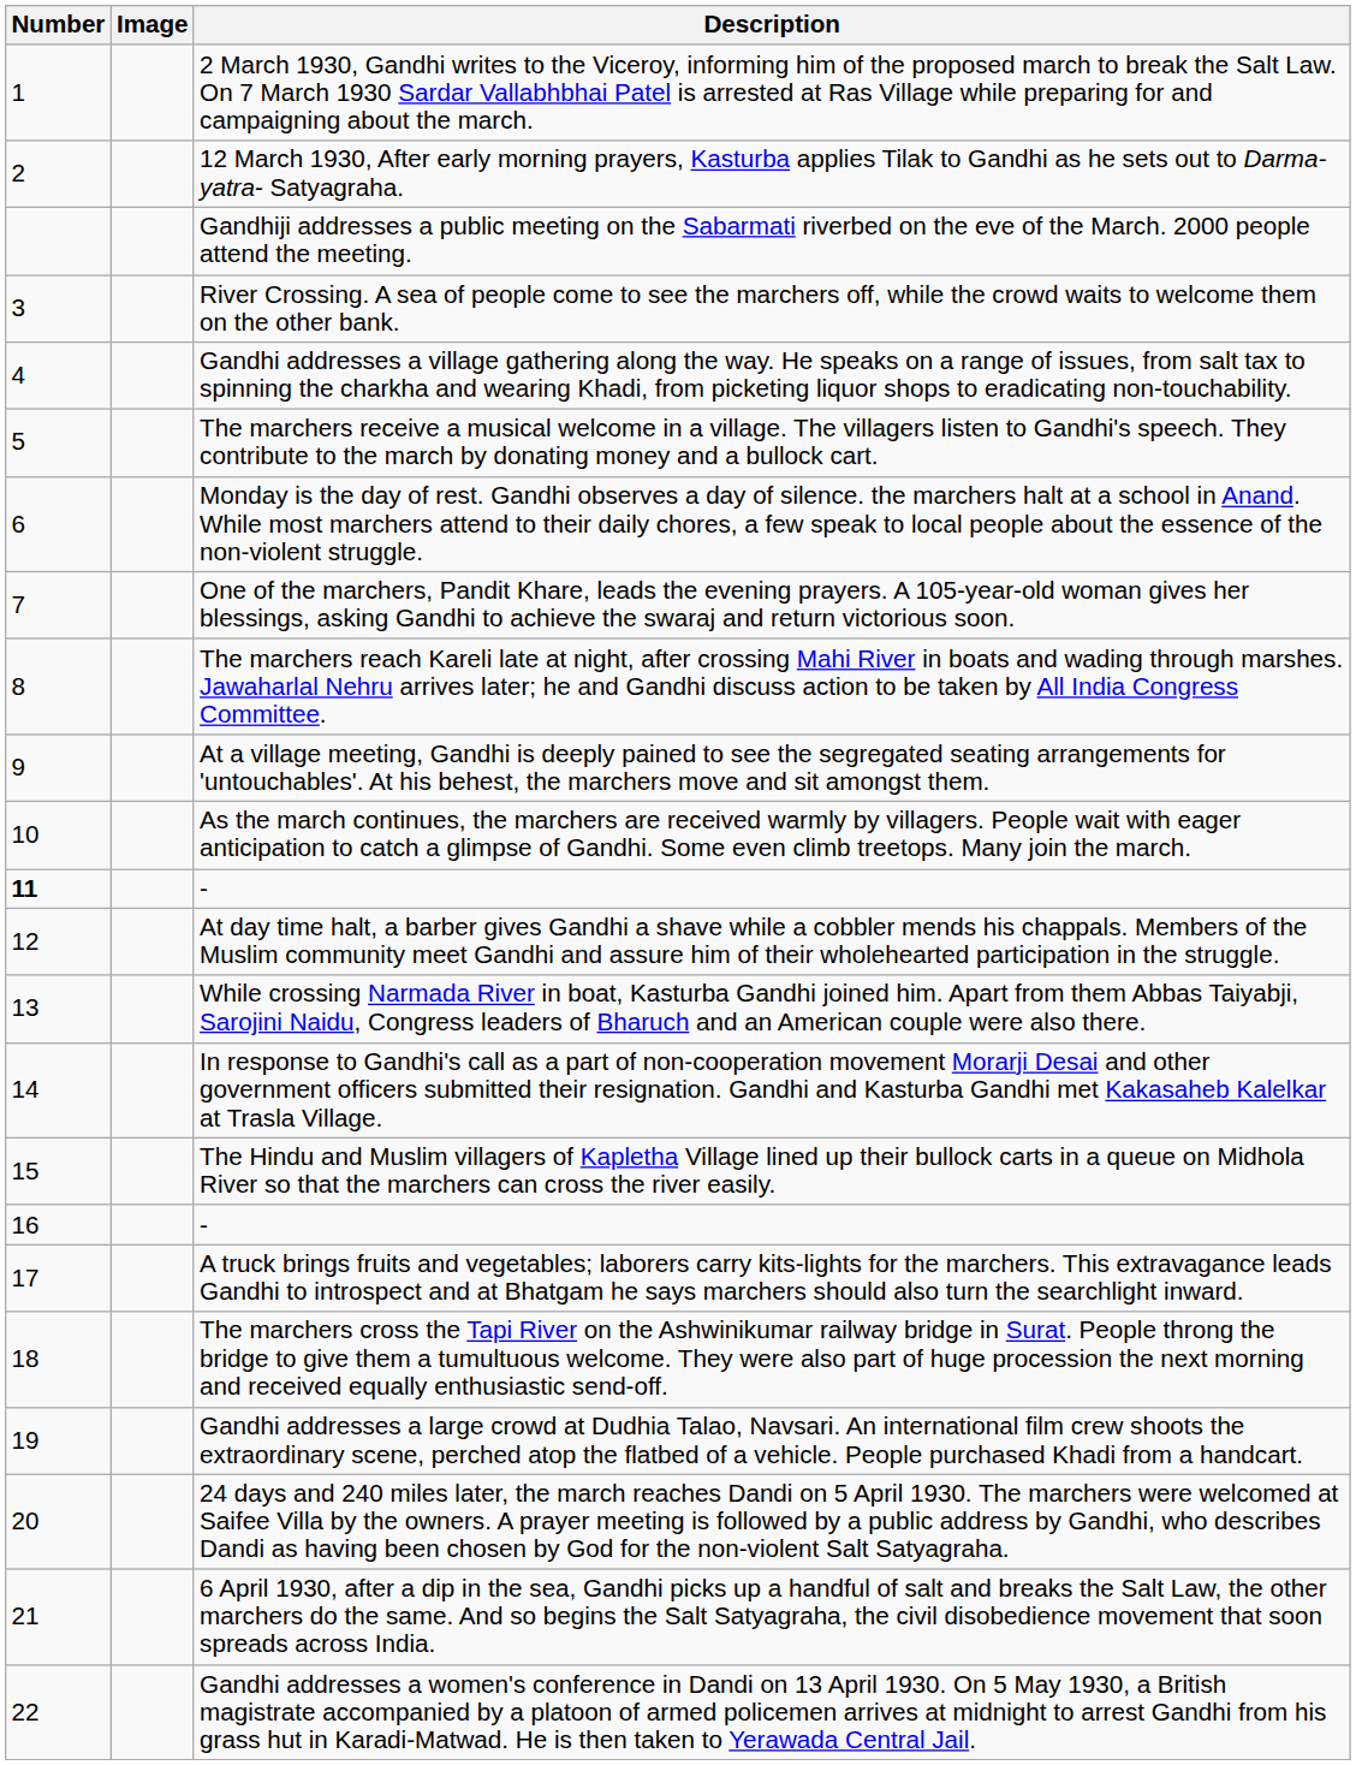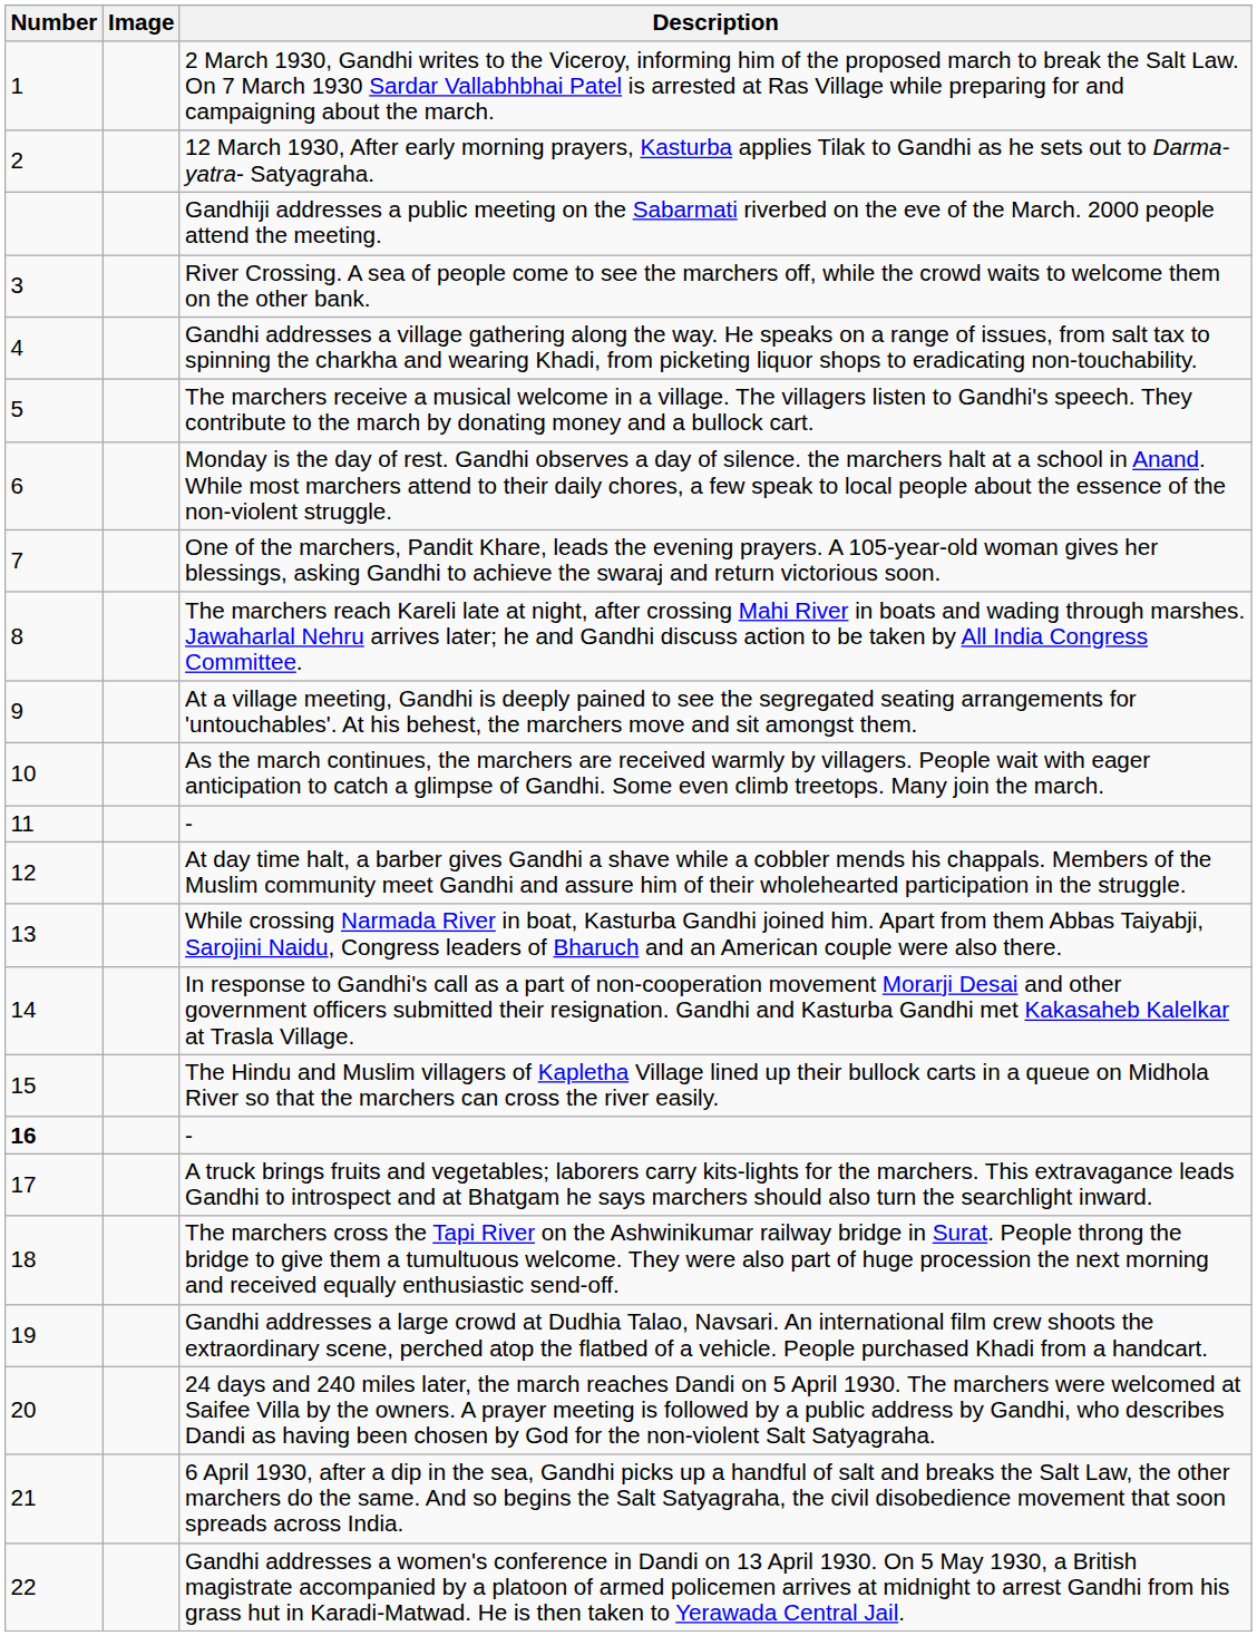 <table class="wikitable">
 <tr>
 <th>Number</th>
 <th>Image</th>
 <th>Description</th>
 </tr>
 <tr>
 <td>1</td>
 <td></td>
 <td>2 March 1930, Gandhi writes to the Viceroy, informing him of the proposed march to break the Salt Law. On 7 March 1930 <a href='#'>Sardar Vallabhbhai Patel</a> is arrested at Ras Village while preparing for and campaigning about the march.</td>
 </tr>
 <tr>
 <td>2</td>
 <td></td>
 <td>12 March 1930, After early morning prayers, <a href='#'>Kasturba</a> applies Tilak to Gandhi as he sets out to <em>Darma-yatra</em>- Satyagraha.</td>
 </tr>
 <tr>
 <td></td>
 <td></td>
 <td>Gandhiji addresses a public meeting on the <a href='#'>Sabarmati</a> riverbed on the eve of the March. 2000 people attend the meeting.</td>
 </tr>
 <tr>
 <td>3</td>
 <td></td>
 <td>River Crossing. A sea of people come to see the marchers off, while the crowd waits to welcome them on the other bank.</td>
 </tr>
 <tr>
 <td>4</td>
 <td></td>
 <td>Gandhi addresses a village gathering along the way. He speaks on a range of issues, from salt tax to spinning the charkha and wearing Khadi, from picketing liquor shops to eradicating non-touchability.</td>
 </tr>
 <tr>
 <td>5</td>
 <td></td>
 <td>The marchers receive a musical welcome in a village. The villagers listen to Gandhi's speech. They contribute to the march by donating money and a bullock cart.</td>
 </tr>
 <tr>
 <td>6</td>
 <td></td>
 <td>Monday is the day of rest. Gandhi observes a day of silence. the marchers halt at a school in <a href='#'>Anand</a>. While most marchers attend to their daily chores, a few speak to local people about the essence of the non-violent struggle.</td>
 </tr>
 <tr>
 <td>7</td>
 <td></td>
 <td>One of the marchers, Pandit Khare, leads the evening prayers. A 105-year-old woman gives her blessings, asking Gandhi to achieve the swaraj and return victorious soon.</td>
 </tr>
 <tr>
 <td>8</td>
 <td></td>
 <td>The marchers reach Kareli late at night, after crossing <a href='#'>Mahi River</a> in boats and wading through marshes. <a href='#'>Jawaharlal Nehru</a> arrives later; he and Gandhi discuss action to be taken by <a href='#'>All India Congress Committee</a>.</td>
 </tr>
 <tr>
 <td>9</td>
 <td></td>
 <td>At a village meeting, Gandhi is deeply pained to see the segregated seating arrangements for 'untouchables'. At his behest, the marchers move and sit amongst them.</td>
 </tr>
 <tr>
 <td>10</td>
 <td></td>
 <td>As the march continues, the marchers are received warmly by villagers. People wait with eager anticipation to catch a glimpse of Gandhi. Some even climb treetops. Many join the march.</td>
 </tr>
 <tr>
-<td><strong>11</strong></td>
+<td>11</td>
 <td></td>
 <td>-</td>
 </tr>
 <tr>
 <td>12</td>
 <td></td>
 <td>At day time halt, a barber gives Gandhi a shave while a cobbler mends his chappals. Members of the Muslim community meet Gandhi and assure him of their wholehearted participation in the struggle.</td>
 </tr>
 <tr>
 <td>13</td>
 <td></td>
 <td>While crossing <a href='#'>Narmada River</a> in boat, Kasturba Gandhi joined him. Apart from them Abbas Taiyabji, <a href='#'>Sarojini Naidu</a>, Congress leaders of <a href='#'>Bharuch</a> and an American couple were also there.</td>
 </tr>
 <tr>
 <td>14</td>
 <td></td>
 <td>In response to Gandhi's call as a part of non-cooperation movement <a href='#'>Morarji Desai</a> and other government officers submitted their resignation. Gandhi and Kasturba Gandhi met <a href='#'>Kakasaheb Kalelkar</a> at Trasla Village.</td>
 </tr>
 <tr>
 <td>15</td>
 <td></td>
 <td>The Hindu and Muslim villagers of <a href='#'>Kapletha</a> Village lined up their bullock carts in a queue on Midhola River so that the marchers can cross the river easily.</td>
 </tr>
 <tr>
-<td>16</td>
+<td><strong>16</strong></td>
 <td></td>
 <td>-</td>
 </tr>
 <tr>
 <td>17</td>
 <td></td>
 <td>A truck brings fruits and vegetables; laborers carry kits-lights for the marchers. This extravagance leads Gandhi to introspect and at Bhatgam he says marchers should also turn the searchlight inward.</td>
 </tr>
 <tr>
 <td>18</td>
 <td></td>
 <td>The marchers cross the <a href='#'>Tapi River</a> on the Ashwinikumar railway bridge in <a href='#'>Surat</a>. People throng the bridge to give them a tumultuous welcome. They were also part of huge procession the next morning and received equally enthusiastic send-off.</td>
 </tr>
 <tr>
 <td>19</td>
 <td></td>
 <td>Gandhi addresses a large crowd at Dudhia Talao, Navsari. An international film crew shoots the extraordinary scene, perched atop the flatbed of a vehicle. People purchased Khadi from a handcart.</td>
 </tr>
 <tr>
 <td>20</td>
 <td></td>
 <td>24 days and 240 miles later, the march reaches Dandi on 5 April 1930. The marchers were welcomed at Saifee Villa by the owners. A prayer meeting is followed by a public address by Gandhi, who describes Dandi as having been chosen by God for the non-violent Salt Satyagraha.</td>
 </tr>
 <tr>
 <td>21</td>
 <td></td>
 <td>6 April 1930, after a dip in the sea, Gandhi picks up a handful of salt and breaks the Salt Law, the other marchers do the same. And so begins the Salt Satyagraha, the civil disobedience movement that soon spreads across India.</td>
 </tr>
 <tr>
 <td>22</td>
 <td></td>
 <td>Gandhi addresses a women's conference in Dandi on 13 April 1930. On 5 May 1930, a British magistrate accompanied by a platoon of armed policemen arrives at midnight to arrest Gandhi from his grass hut in Karadi-Matwad. He is then taken to <a href='#'>Yerawada Central Jail</a>.</td>
 </tr>
 <tr>
 </tr>
 <tr>
 </tr>
 </table>
